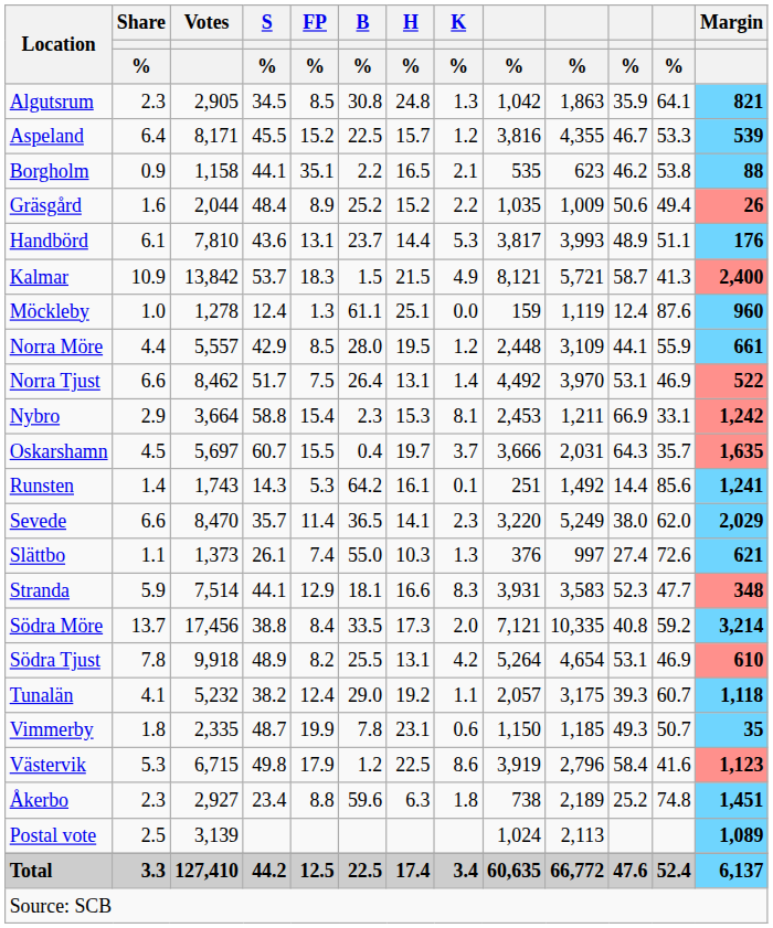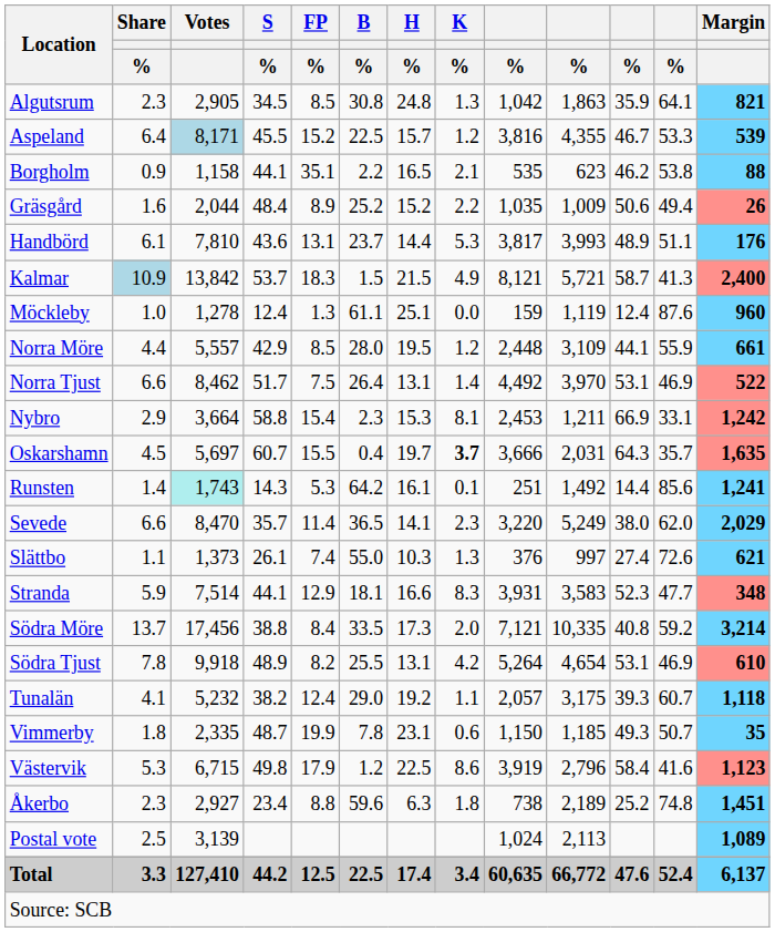 <table class="wikitable sortable" style="text-align:right; font-size:95%; line-height:20px;">
 <tr>
 <th rowspan="3">Location</th>
 <th>Share</th>
 <th>Votes</th>
 <th width="30px" class="unsortable"><a href='#'>S</a></th>
 <th width="30px" class="unsortable"><a href='#'>FP</a></th>
 <th width="30px" class="unsortable"><a href='#'>B</a></th>
 <th width="30px" class="unsortable"><a href='#'>H</a></th>
 <th width="30px" class="unsortable"><a href='#'>K</a></th>
 <th></th>
 <th></th>
 <th></th>
 <th></th>
 <th>Margin</th>
 </tr>
 <tr>
 <th></th>
 <th></th>
 <th style="background:"></th>
 <th style="background:"></th>
 <th style="background:"></th>
 <th style="background:"></th>
 <th style="background:"></th>
 <th style="background:"></th>
 <th style="background:"></th>
 <th style="background:"></th>
 <th style="background:"></th>
 <th></th>
 </tr>
 <tr>
 <th data-sort-type="number">%</th>
 <th></th>
 <th data-sort-type="number">%</th>
 <th data-sort-type="number">%</th>
 <th data-sort-type="number">%</th>
 <th data-sort-type="number">%</th>
 <th data-sort-type="number">%</th>
 <th data-sort-type="number">%</th>
 <th data-sort-type="number">%</th>
 <th data-sort-type="number">%</th>
 <th data-sort-type="number">%</th>
 <th data-sort-type="number"></th>
 </tr>
 <tr>
 <td align=left><a href='#'>Algutsrum</a></td>
 <td>2.3</td>
 <td>2,905</td>
 <td>34.5</td>
 <td>8.5</td>
 <td>30.8</td>
 <td>24.8</td>
 <td>1.3</td>
 <td>1,042</td>
 <td>1,863</td>
 <td>35.9</td>
 <td>64.1</td>
 <td bgcolor=#6fd5fe><strong>821</strong></td>
 </tr>
 <tr>
 <td align=left><a href='#'>Aspeland</a></td>
 <td>6.4</td>
-<td>8,171</td>
+<td style="background: lightblue;">8,171</td>
 <td>45.5</td>
 <td>15.2</td>
 <td>22.5</td>
 <td>15.7</td>
 <td>1.2</td>
 <td>3,816</td>
 <td>4,355</td>
 <td>46.7</td>
 <td>53.3</td>
 <td bgcolor=#6fd5fe><strong>539</strong></td>
 </tr>
 <tr>
 <td align=left><a href='#'>Borgholm</a></td>
 <td>0.9</td>
 <td>1,158</td>
 <td>44.1</td>
 <td>35.1</td>
 <td>2.2</td>
 <td>16.5</td>
 <td>2.1</td>
 <td>535</td>
 <td>623</td>
 <td>46.2</td>
 <td>53.8</td>
 <td bgcolor=#6fd5fe><strong>88</strong></td>
 </tr>
 <tr>
 <td align=left><a href='#'>Gräsgård</a></td>
 <td>1.6</td>
 <td>2,044</td>
 <td>48.4</td>
 <td>8.9</td>
 <td>25.2</td>
 <td>15.2</td>
 <td>2.2</td>
 <td>1,035</td>
 <td>1,009</td>
 <td>50.6</td>
 <td>49.4</td>
 <td bgcolor=#ff908c><strong>26</strong></td>
 </tr>
 <tr>
 <td align=left><a href='#'>Handbörd</a></td>
 <td>6.1</td>
 <td>7,810</td>
 <td>43.6</td>
 <td>13.1</td>
 <td>23.7</td>
 <td>14.4</td>
 <td>5.3</td>
 <td>3,817</td>
 <td>3,993</td>
 <td>48.9</td>
 <td>51.1</td>
 <td bgcolor=#6fd5fe><strong>176</strong></td>
 </tr>
 <tr>
 <td align=left><a href='#'>Kalmar</a></td>
-<td>10.9</td>
+<td style="background: lightblue;">10.9</td>
 <td>13,842</td>
 <td>53.7</td>
 <td>18.3</td>
 <td>1.5</td>
 <td>21.5</td>
 <td>4.9</td>
 <td>8,121</td>
 <td>5,721</td>
 <td>58.7</td>
 <td>41.3</td>
 <td bgcolor=#ff908c><strong>2,400</strong></td>
 </tr>
 <tr>
 <td align=left><a href='#'>Möckleby</a></td>
 <td>1.0</td>
 <td>1,278</td>
 <td>12.4</td>
 <td>1.3</td>
 <td>61.1</td>
 <td>25.1</td>
 <td>0.0</td>
 <td>159</td>
 <td>1,119</td>
 <td>12.4</td>
 <td>87.6</td>
 <td bgcolor=#6fd5fe><strong>960</strong></td>
 </tr>
 <tr>
 <td align=left><a href='#'>Norra Möre</a></td>
 <td>4.4</td>
 <td>5,557</td>
 <td>42.9</td>
 <td>8.5</td>
 <td>28.0</td>
 <td>19.5</td>
 <td>1.2</td>
 <td>2,448</td>
 <td>3,109</td>
 <td>44.1</td>
 <td>55.9</td>
 <td bgcolor=#6fd5fe><strong>661</strong></td>
 </tr>
 <tr>
 <td align=left><a href='#'>Norra Tjust</a></td>
 <td>6.6</td>
 <td>8,462</td>
 <td>51.7</td>
 <td>7.5</td>
 <td>26.4</td>
 <td>13.1</td>
 <td>1.4</td>
 <td>4,492</td>
 <td>3,970</td>
 <td>53.1</td>
 <td>46.9</td>
 <td bgcolor=#ff908c><strong>522</strong></td>
 </tr>
 <tr>
 <td align=left><a href='#'>Nybro</a></td>
 <td>2.9</td>
 <td>3,664</td>
 <td>58.8</td>
 <td>15.4</td>
 <td>2.3</td>
 <td>15.3</td>
 <td>8.1</td>
 <td>2,453</td>
 <td>1,211</td>
 <td>66.9</td>
 <td>33.1</td>
 <td bgcolor=#ff908c><strong>1,242</strong></td>
 </tr>
 <tr>
 <td align=left><a href='#'>Oskarshamn</a></td>
 <td>4.5</td>
 <td>5,697</td>
 <td>60.7</td>
 <td>15.5</td>
 <td>0.4</td>
 <td>19.7</td>
-<td>3.7</td>
+<td><strong>3.7</strong></td>
 <td>3,666</td>
 <td>2,031</td>
 <td>64.3</td>
 <td>35.7</td>
 <td bgcolor=#ff908c><strong>1,635</strong></td>
 </tr>
 <tr>
 <td align=left><a href='#'>Runsten</a></td>
 <td>1.4</td>
-<td>1,743</td>
+<td style="background: paleturquoise;">1,743</td>
 <td>14.3</td>
 <td>5.3</td>
 <td>64.2</td>
 <td>16.1</td>
 <td>0.1</td>
 <td>251</td>
 <td>1,492</td>
 <td>14.4</td>
 <td>85.6</td>
 <td bgcolor=#6fd5fe><strong>1,241</strong></td>
 </tr>
 <tr>
 <td align=left><a href='#'>Sevede</a></td>
 <td>6.6</td>
 <td>8,470</td>
 <td>35.7</td>
 <td>11.4</td>
 <td>36.5</td>
 <td>14.1</td>
 <td>2.3</td>
 <td>3,220</td>
 <td>5,249</td>
 <td>38.0</td>
 <td>62.0</td>
 <td bgcolor=#6fd5fe><strong>2,029</strong></td>
 </tr>
 <tr>
 <td align=left><a href='#'>Slättbo</a></td>
 <td>1.1</td>
 <td>1,373</td>
 <td>26.1</td>
 <td>7.4</td>
 <td>55.0</td>
 <td>10.3</td>
 <td>1.3</td>
 <td>376</td>
 <td>997</td>
 <td>27.4</td>
 <td>72.6</td>
 <td bgcolor=#6fd5fe><strong>621</strong></td>
 </tr>
 <tr>
 <td align=left><a href='#'>Stranda</a></td>
 <td>5.9</td>
 <td>7,514</td>
 <td>44.1</td>
 <td>12.9</td>
 <td>18.1</td>
 <td>16.6</td>
 <td>8.3</td>
 <td>3,931</td>
 <td>3,583</td>
 <td>52.3</td>
 <td>47.7</td>
 <td bgcolor=#ff908c><strong>348</strong></td>
 </tr>
 <tr>
 <td align=left><a href='#'>Södra Möre</a></td>
 <td>13.7</td>
 <td>17,456</td>
 <td>38.8</td>
 <td>8.4</td>
 <td>33.5</td>
 <td>17.3</td>
 <td>2.0</td>
 <td>7,121</td>
 <td>10,335</td>
 <td>40.8</td>
 <td>59.2</td>
 <td bgcolor=#6fd5fe><strong>3,214</strong></td>
 </tr>
 <tr>
 <td align=left><a href='#'>Södra Tjust</a></td>
 <td>7.8</td>
 <td>9,918</td>
 <td>48.9</td>
 <td>8.2</td>
 <td>25.5</td>
 <td>13.1</td>
 <td>4.2</td>
 <td>5,264</td>
 <td>4,654</td>
 <td>53.1</td>
 <td>46.9</td>
 <td bgcolor=#ff908c><strong>610</strong></td>
 </tr>
 <tr>
 <td align=left><a href='#'>Tunalän</a></td>
 <td>4.1</td>
 <td>5,232</td>
 <td>38.2</td>
 <td>12.4</td>
 <td>29.0</td>
 <td>19.2</td>
 <td>1.1</td>
 <td>2,057</td>
 <td>3,175</td>
 <td>39.3</td>
 <td>60.7</td>
 <td bgcolor=#6fd5fe><strong>1,118</strong></td>
 </tr>
 <tr>
 <td align=left><a href='#'>Vimmerby</a></td>
 <td>1.8</td>
 <td>2,335</td>
 <td>48.7</td>
 <td>19.9</td>
 <td>7.8</td>
 <td>23.1</td>
 <td>0.6</td>
 <td>1,150</td>
 <td>1,185</td>
 <td>49.3</td>
 <td>50.7</td>
 <td bgcolor=#6fd5fe><strong>35</strong></td>
 </tr>
 <tr>
 <td align=left><a href='#'>Västervik</a></td>
 <td>5.3</td>
 <td>6,715</td>
 <td>49.8</td>
 <td>17.9</td>
 <td>1.2</td>
 <td>22.5</td>
 <td>8.6</td>
 <td>3,919</td>
 <td>2,796</td>
 <td>58.4</td>
 <td>41.6</td>
 <td bgcolor=#ff908c><strong>1,123</strong></td>
 </tr>
 <tr>
 <td align=left><a href='#'>Åkerbo</a></td>
 <td>2.3</td>
 <td>2,927</td>
 <td>23.4</td>
 <td>8.8</td>
 <td>59.6</td>
 <td>6.3</td>
 <td>1.8</td>
 <td>738</td>
 <td>2,189</td>
 <td>25.2</td>
 <td>74.8</td>
 <td bgcolor=#6fd5fe><strong>1,451</strong></td>
 </tr>
 <tr>
 <td align=left><a href='#'>Postal vote</a></td>
 <td>2.5</td>
 <td>3,139</td>
 <td></td>
 <td></td>
 <td></td>
 <td></td>
 <td></td>
 <td>1,024</td>
 <td>2,113</td>
 <td></td>
 <td></td>
 <td bgcolor=#6fd5fe><strong>1,089</strong></td>
 </tr>
 <tr>
 </tr>
 <tr style="background:#CDCDCD;">
 <td align=left><strong>Total</strong></td>
 <td><strong>3.3</strong></td>
 <td><strong>127,410</strong></td>
 <td><strong>44.2</strong></td>
 <td><strong>12.5</strong></td>
 <td><strong>22.5</strong></td>
 <td><strong>17.4</strong></td>
 <td><strong>3.4</strong></td>
 <td><strong>60,635</strong></td>
 <td><strong>66,772</strong></td>
 <td><strong>47.6</strong></td>
 <td><strong>52.4</strong></td>
 <td bgcolor=#6fd5fe><strong>6,137</strong></td>
 </tr>
 <tr>
 <td align=left colspan=13>Source: SCB </td>
 </tr>
 </table>
